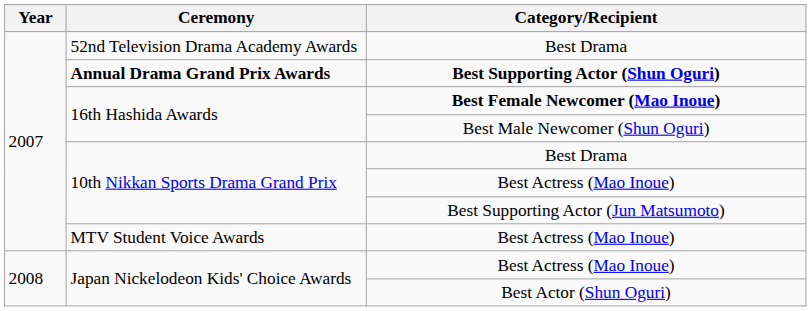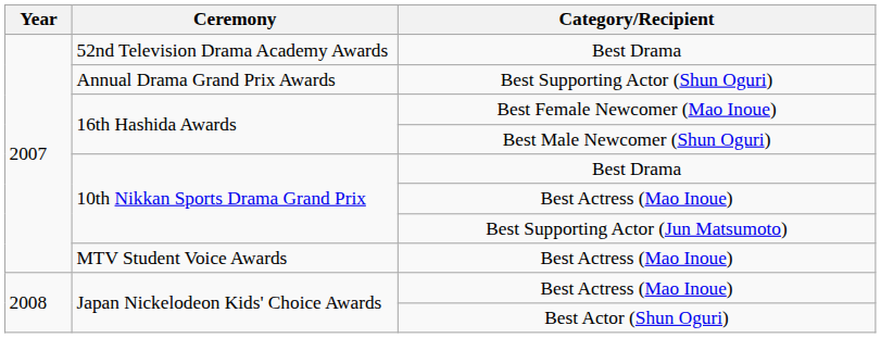 <table class="wikitable">
 <tr>
 <th style="width:50px;">Year</th>
 <th style="width:270px;">Ceremony</th>
 <th style="width:400px;">Category/Recipient</th>
 </tr>
 <tr>
 <td style="text-align:left;" rowspan="8">2007</td>
 <td>52nd Television Drama Academy Awards</td>
 <td style="text-align:center;">Best Drama</td>
 </tr>
 <tr>
-<td><strong>Annual Drama Grand Prix Awards</strong></td>
-<td style="text-align:center;"><strong>Best Supporting Actor (<a href='#'>Shun Oguri</a>)</strong></td>
+<td>Annual Drama Grand Prix Awards</td>
+<td style="text-align:center;">Best Supporting Actor (<a href='#'>Shun Oguri</a>)</td>
 </tr>
 <tr>
 <td style="text-align:left;" rowspan="2">16th Hashida Awards</td>
-<td style="text-align:center;"><strong>Best Female Newcomer (<a href='#'>Mao Inoue</a>)</strong></td>
+<td style="text-align:center;">Best Female Newcomer (<a href='#'>Mao Inoue</a>)</td>
 </tr>
 <tr>
 <td style="text-align:center;">Best Male Newcomer (<a href='#'>Shun Oguri</a>)</td>
 </tr>
 <tr>
 <td style="text-align:left;" rowspan="3">10th <a href='#'>Nikkan Sports Drama Grand Prix</a></td>
 <td style="text-align:center;">Best Drama</td>
 </tr>
 <tr>
 <td style="text-align:center;">Best Actress (<a href='#'>Mao Inoue</a>)</td>
 </tr>
 <tr>
 <td style="text-align:center;">Best Supporting Actor (<a href='#'>Jun Matsumoto</a>)</td>
 </tr>
 <tr>
 <td>MTV Student Voice Awards</td>
 <td style="text-align:center;">Best Actress (<a href='#'>Mao Inoue</a>)</td>
 </tr>
 <tr>
 <td style="text-align:left;" rowspan="2">2008</td>
 <td style="text-align:left;" rowspan="2">Japan Nickelodeon Kids' Choice Awards</td>
 <td style="text-align:center;">Best Actress (<a href='#'>Mao Inoue</a>)</td>
 </tr>
 <tr>
 <td style="text-align:center;">Best Actor (<a href='#'>Shun Oguri</a>)</td>
 </tr>
 </table>
